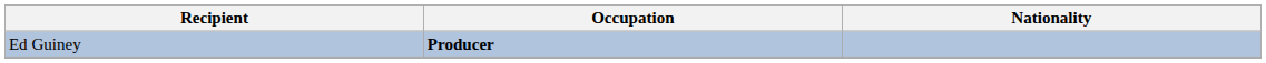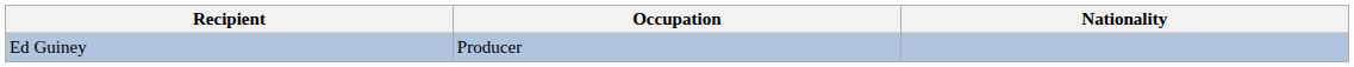 <table class="wikitable" width="95%" cellpadding="5">
 <tr>
 <th width="25%">Recipient</th>
 <th width="25%">Occupation</th>
 <th width="25%">Nationality</th>
 </tr>
 <tr style="background:#B0C4DE;">
 <td>Ed Guiney</td>
-<td><strong>Producer</strong></td>
+<td>Producer</td>
 <td></td>
 </tr>
 <tr>
 </tr>
 </table>
